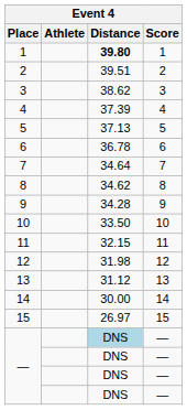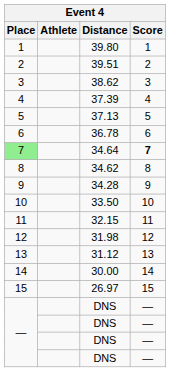 <table class=wikitable style="text-align:center">
 <tr>
 <th colspan=4><strong>Event 4</strong></th>
 </tr>
 <tr>
 <th>Place</th>
 <th>Athlete</th>
 <th>Distance</th>
 <th>Score</th>
 </tr>
 <tr>
 <td>1</td>
 <td align=left></td>
-<td><strong>39.80</strong></td>
+<td>39.80</td>
 <td>1</td>
 </tr>
 <tr>
 <td>2</td>
 <td align=left></td>
 <td>39.51</td>
 <td>2</td>
 </tr>
 <tr>
 <td>3</td>
 <td align=left></td>
 <td>38.62</td>
 <td>3</td>
 </tr>
 <tr>
 <td>4</td>
 <td align=left></td>
 <td>37.39</td>
 <td>4</td>
 </tr>
 <tr>
 <td>5</td>
 <td align=left></td>
 <td>37.13</td>
 <td>5</td>
 </tr>
 <tr>
 <td>6</td>
 <td align=left></td>
 <td>36.78</td>
 <td>6</td>
 </tr>
 <tr>
-<td>7</td>
+<td style="background: lightgreen;">7</td>
 <td align=left></td>
 <td>34.64</td>
-<td>7</td>
+<td><strong>7</strong></td>
 </tr>
 <tr>
 <td>8</td>
 <td align=left></td>
 <td>34.62</td>
 <td>8</td>
 </tr>
 <tr>
 <td>9</td>
 <td align=left></td>
 <td>34.28</td>
 <td>9</td>
 </tr>
 <tr>
 <td>10</td>
 <td align=left></td>
 <td>33.50</td>
 <td>10</td>
 </tr>
 <tr>
 <td>11</td>
 <td align=left></td>
 <td>32.15</td>
 <td>11</td>
 </tr>
 <tr>
 <td>12</td>
 <td align=left></td>
 <td>31.98</td>
 <td>12</td>
 </tr>
 <tr>
 <td>13</td>
 <td align=left></td>
 <td>31.12</td>
 <td>13</td>
 </tr>
 <tr>
 <td>14</td>
 <td align=left></td>
 <td>30.00</td>
 <td>14</td>
 </tr>
 <tr>
 <td>15</td>
 <td align=left></td>
 <td>26.97</td>
 <td>15</td>
 </tr>
 <tr>
 <td rowspan=4>—</td>
 <td align=left></td>
-<td style="background: lightblue;">DNS</td>
+<td>DNS</td>
 <td>—</td>
 </tr>
 <tr>
 <td align=left></td>
 <td>DNS</td>
 <td>—</td>
 </tr>
 <tr>
 <td align=left></td>
 <td>DNS</td>
 <td>—</td>
 </tr>
 <tr>
 <td align=left></td>
 <td>DNS</td>
 <td>—</td>
 </tr>
 </table>
